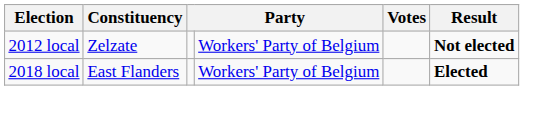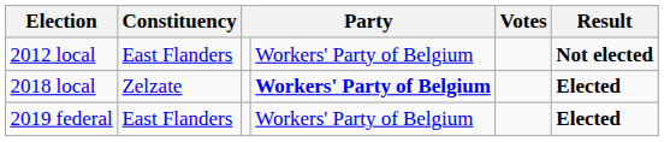 <table class="wikitable" style="text-align:left;">
 <tr>
 <th scope=col>Election</th>
 <th scope=col>Constituency</th>
 <th scope=col colspan="2">Party</th>
 <th scope=col>Votes</th>
 <th scope=col>Result</th>
 </tr>
 <tr>
 <td><a href='#'>2012 local</a></td>
-<td><a href='#'>Zelzate</a></td>
+<td><a href='#'>East Flanders</a></td>
 <td style="background:"></td>
 <td><a href='#'>Workers' Party of Belgium</a></td>
 <td align=right></td>
 <td><strong>Not elected</strong></td>
 </tr>
 <tr>
 <td><a href='#'>2018 local</a></td>
+<td><a href='#'>Zelzate</a></td>
+<td style="background:"></td>
+<td><strong><a href='#'>Workers' Party of Belgium</a></strong></td>
+<td align=right></td>
+<td><strong>Elected</strong></td>
+</tr>
+<tr>
+<td><a href='#'>2019 federal</a></td>
 <td><a href='#'>East Flanders</a></td>
 <td style="background:"></td>
 <td><a href='#'>Workers' Party of Belgium</a></td>
 <td align=right></td>
 <td><strong>Elected</strong></td>
 </tr>
 </table>
